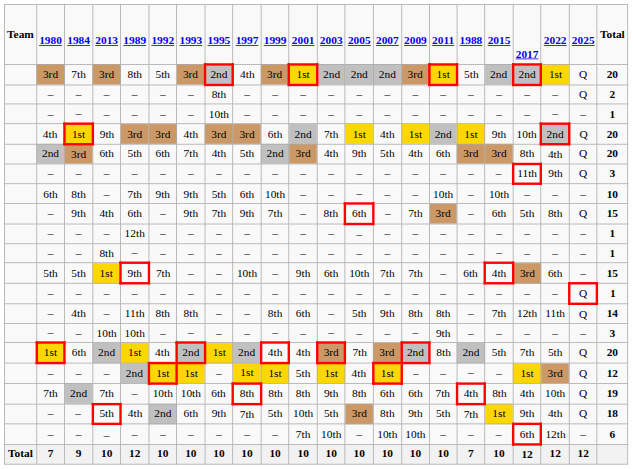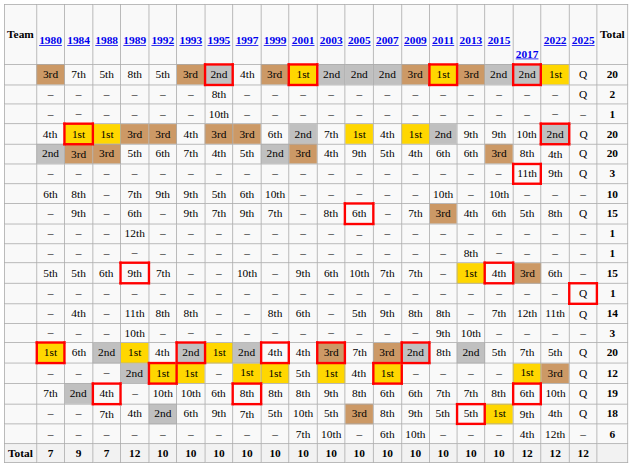 <table class="wikitable" style="text-align:center; font-size:90%">
 <tr>
 <td><strong>Team</strong></td>
 <td><strong><br><a href='#'>1980</a></strong></td>
 <td><strong><br><a href='#'>1984</a></strong></td>
-<td><strong><br><a href='#'>2013</a></strong></td>
+<td><strong><br><a href='#'>1988</a></strong></td>
 <td><strong><br><a href='#'>1989</a></strong></td>
 <td><strong><br><a href='#'>1992</a></strong></td>
 <td><strong><br><a href='#'>1993</a></strong></td>
 <td><strong><br><a href='#'>1995</a></strong></td>
 <td><strong><br><a href='#'>1997</a></strong></td>
 <td><strong><br><a href='#'>1999</a></strong></td>
 <td><strong><br><a href='#'>2001</a></strong></td>
 <td><strong><br><a href='#'>2003</a></strong></td>
 <td><strong><br><a href='#'>2005</a></strong></td>
 <td><strong><br><a href='#'>2007</a></strong></td>
 <td><strong><br><a href='#'>2009</a></strong></td>
 <td><strong><br><a href='#'>2011</a></strong></td>
-<td><strong><br><a href='#'>1988</a></strong></td>
+<td><strong><br><a href='#'>2013</a></strong></td>
 <td><strong><br><a href='#'>2015</a></strong></td>
 <td><strong><br><br><br><a href='#'>2017</a></strong></td>
 <td><strong><br><a href='#'>2022</a></strong></td>
 <td><strong><br><a href='#'>2025</a></strong></td>
 <td><strong>Total</strong></td>
 </tr>
 <tr>
 <td align=left></td>
 <td bgcolor=#cc9966>3rd</td>
 <td>7th</td>
-<td bgcolor=#cc9966>3rd</td>
+<td>5th</td>
 <td>8th</td>
 <td>5th</td>
 <td bgcolor=#cc9966>3rd</td>
 <td style="border: 3px solid red" bgcolor=silver>2nd</td>
 <td>4th</td>
 <td bgcolor=#cc9966>3rd</td>
 <td style="border: 3px solid red" bgcolor=gold>1st</td>
 <td bgcolor=silver>2nd</td>
 <td bgcolor=silver>2nd</td>
 <td bgcolor=silver>2nd</td>
 <td bgcolor=#cc9966>3rd</td>
 <td style="border: 3px solid red" bgcolor=gold>1st</td>
-<td>5th</td>
+<td bgcolor=#cc9966>3rd</td>
 <td bgcolor=silver>2nd</td>
 <td style="border: 3px solid red" bgcolor=silver>2nd</td>
 <td bgcolor=gold>1st</td>
 <td>Q</td>
 <td><strong>20</strong></td>
 </tr>
 <tr>
 <td align=left></td>
 <td>–</td>
 <td>–</td>
 <td>–</td>
 <td>–</td>
 <td>–</td>
 <td>–</td>
 <td>8th</td>
 <td>–</td>
 <td>–</td>
 <td>–</td>
 <td>–</td>
 <td>–</td>
 <td>–</td>
 <td>–</td>
 <td>–</td>
 <td>–</td>
 <td>–</td>
 <td>–</td>
 <td>–</td>
 <td>Q</td>
 <td><strong>2</strong></td>
 </tr>
 <tr>
 <td align=left></td>
 <td>–</td>
 <td>–</td>
 <td>–</td>
 <td>–</td>
 <td>–</td>
 <td>–</td>
 <td>10th</td>
 <td>–</td>
 <td>–</td>
 <td>–</td>
 <td>–</td>
 <td>–</td>
 <td>–</td>
 <td>–</td>
 <td>–</td>
 <td>–</td>
 <td>–</td>
 <td>–</td>
 <td>–</td>
 <td>–</td>
 <td><strong>1</strong></td>
 </tr>
 <tr>
 <td align=left></td>
 <td>4th</td>
 <td style="border: 3px solid red" bgcolor=gold>1st</td>
-<td>9th</td>
+<td bgcolor=Gold>1st</td>
 <td bgcolor=#cc9966>3rd</td>
 <td bgcolor=#cc9966>3rd</td>
 <td>4th</td>
 <td bgcolor=#cc9966>3rd</td>
 <td bgcolor=#cc9966>3rd</td>
 <td>6th</td>
 <td bgcolor=silver>2nd</td>
 <td>7th</td>
 <td bgcolor=gold>1st</td>
 <td>4th</td>
 <td bgcolor=gold>1st</td>
 <td bgcolor=silver>2nd</td>
-<td bgcolor=Gold>1st</td>
+<td>9th</td>
 <td>9th</td>
 <td>10th</td>
 <td style="border: 3px solid red" bgcolor=silver>2nd</td>
 <td>Q</td>
 <td><strong>20</strong></td>
 </tr>
 <tr>
 <td align=left></td>
 <td bgcolor=silver>2nd</td>
 <td bgcolor=#cc9966>3rd</td>
-<td>6th</td>
+<td bgcolor=#cc9966>3rd</td>
 <td>5th</td>
 <td>6th</td>
 <td>7th</td>
 <td>4th</td>
 <td>5th</td>
 <td bgcolor=silver>2nd</td>
 <td bgcolor=#cc9966>3rd</td>
 <td>4th</td>
 <td>9th</td>
 <td>5th</td>
 <td>4th</td>
 <td>6th</td>
-<td bgcolor=#cc9966>3rd</td>
+<td>6th</td>
 <td bgcolor=#cc9966>3rd</td>
 <td>8th</td>
 <td>4th</td>
 <td>Q</td>
 <td><strong>20</strong></td>
 </tr>
 <tr>
 <td align=left></td>
 <td>–</td>
 <td>–</td>
 <td>–</td>
 <td>–</td>
 <td>–</td>
 <td>–</td>
 <td>–</td>
 <td>–</td>
 <td>–</td>
 <td>–</td>
 <td>–</td>
 <td>–</td>
 <td>–</td>
 <td>–</td>
 <td>–</td>
 <td>–</td>
 <td>–</td>
 <td style="border: 3px solid red">11th</td>
 <td>9th</td>
 <td>Q</td>
 <td><strong>3</strong></td>
 </tr>
 <tr>
 <td align=left></td>
 <td>6th</td>
 <td>8th</td>
 <td>–</td>
 <td>7th</td>
 <td>9th</td>
 <td>9th</td>
 <td>5th</td>
 <td>6th</td>
 <td>10th</td>
 <td>–</td>
 <td>–</td>
 <td>–</td>
 <td>–</td>
 <td>–</td>
 <td>10th</td>
 <td>–</td>
 <td>10th</td>
 <td>–</td>
 <td>–</td>
 <td>–</td>
 <td><strong>10</strong></td>
 </tr>
 <tr>
 <td align=left></td>
 <td>–</td>
 <td>9th</td>
-<td>4th</td>
+<td>–</td>
 <td>6th</td>
 <td>–</td>
 <td>9th</td>
 <td>7th</td>
 <td>9th</td>
 <td>7th</td>
 <td>–</td>
 <td>8th</td>
 <td style="border: 3px solid red">6th</td>
 <td>–</td>
 <td>7th</td>
 <td bgcolor=#cc9966>3rd</td>
-<td>–</td>
+<td>4th</td>
 <td>6th</td>
 <td>5th</td>
 <td>8th</td>
 <td>Q</td>
 <td><strong>15</strong></td>
 </tr>
 <tr>
 <td align=left></td>
 <td>–</td>
 <td>–</td>
 <td>–</td>
 <td>12th</td>
 <td>–</td>
 <td>–</td>
 <td>–</td>
 <td>–</td>
 <td>–</td>
 <td>–</td>
 <td>–</td>
 <td>–</td>
 <td>–</td>
 <td>–</td>
 <td>–</td>
 <td>–</td>
 <td>–</td>
 <td>–</td>
 <td>–</td>
 <td>–</td>
 <td><strong>1</strong></td>
 </tr>
 <tr>
 <td align=left></td>
 <td>–</td>
 <td>–</td>
-<td>8th</td>
 <td>–</td>
 <td>–</td>
 <td>–</td>
 <td>–</td>
 <td>–</td>
 <td>–</td>
 <td>–</td>
 <td>–</td>
 <td>–</td>
 <td>–</td>
 <td>–</td>
 <td>–</td>
 <td>–</td>
+<td>8th</td>
 <td>–</td>
 <td>–</td>
 <td>–</td>
 <td>–</td>
 <td><strong>1</strong></td>
 </tr>
 <tr>
 <td align=left></td>
 <td>5th</td>
 <td>5th</td>
-<td bgcolor=gold>1st</td>
+<td>6th</td>
 <td style="border: 3px solid red">9th</td>
 <td>7th</td>
 <td>–</td>
 <td>–</td>
 <td>10th</td>
 <td>–</td>
 <td>9th</td>
 <td>6th</td>
 <td>10th</td>
 <td>7th</td>
 <td>7th</td>
 <td>–</td>
-<td>6th</td>
+<td bgcolor=gold>1st</td>
 <td style="border: 3px solid red">4th</td>
 <td bgcolor=#cc9966>3rd</td>
 <td>6th</td>
 <td>–</td>
 <td><strong>15</strong></td>
 </tr>
 <tr>
 <td align=left></td>
 <td>–</td>
 <td>–</td>
 <td>–</td>
 <td>–</td>
 <td>–</td>
 <td>–</td>
 <td>–</td>
 <td>–</td>
 <td>–</td>
 <td>–</td>
 <td>–</td>
 <td>–</td>
 <td>–</td>
 <td>–</td>
 <td>–</td>
 <td>–</td>
 <td>–</td>
 <td>–</td>
 <td>–</td>
 <td style="border: 3px solid red">Q</td>
 <td><strong>1</strong></td>
 </tr>
 <tr>
 <td align=left></td>
 <td>–</td>
 <td>4th</td>
 <td>–</td>
 <td>11th</td>
 <td>8th</td>
 <td>8th</td>
 <td>–</td>
 <td>–</td>
 <td>8th</td>
 <td>6th</td>
 <td>–</td>
 <td>5th</td>
 <td>9th</td>
 <td>8th</td>
 <td>8th</td>
 <td>–</td>
 <td>7th</td>
 <td>12th</td>
 <td>11th</td>
 <td>Q</td>
 <td><strong>14</strong></td>
 </tr>
 <tr>
 <td align=left></td>
 <td>–</td>
 <td>–</td>
-<td>10th</td>
+<td>–</td>
 <td>10th</td>
 <td>–</td>
 <td>–</td>
 <td>–</td>
 <td>–</td>
 <td>–</td>
 <td>–</td>
 <td>–</td>
 <td>–</td>
 <td>–</td>
 <td>–</td>
 <td>9th</td>
-<td>–</td>
+<td>10th</td>
 <td>–</td>
 <td>–</td>
 <td>–</td>
 <td>–</td>
 <td><strong>3</strong></td>
 </tr>
 <tr>
 <td align=left></td>
 <td style="border: 3px solid red" bgcolor=gold>1st</td>
 <td>6th</td>
-<td bgcolor=silver>2nd</td>
+<td bgcolor=Silver>2nd</td>
 <td bgcolor=gold>1st</td>
 <td>4th</td>
 <td style="border: 3px solid red" bgcolor=silver>2nd</td>
 <td bgcolor=gold>1st</td>
 <td bgcolor=silver>2nd</td>
 <td style="border: 3px solid red">4th</td>
 <td>4th</td>
 <td style="border: 3px solid red" bgcolor=#cc9966>3rd</td>
 <td>7th</td>
 <td bgcolor=#cc9966>3rd</td>
 <td style="border: 3px solid red" bgcolor=silver>2nd</td>
 <td>8th</td>
-<td bgcolor=Silver>2nd</td>
+<td bgcolor=silver>2nd</td>
 <td>5th</td>
 <td>7th</td>
 <td>5th</td>
 <td>Q</td>
 <td><strong>20</strong></td>
 </tr>
 <tr>
 <td align=left></td>
 <td>–</td>
 <td>–</td>
 <td>–</td>
 <td bgcolor=silver>2nd</td>
 <td style="border: 3px solid red" bgcolor=gold>1st</td>
 <td bgcolor=gold>1st</td>
 <td>–</td>
 <td bgcolor=gold>1st</td>
 <td bgcolor=gold>1st</td>
 <td>5th</td>
 <td bgcolor=gold>1st</td>
 <td>4th</td>
 <td style="border: 3px solid red" bgcolor=gold>1st</td>
 <td>–</td>
 <td>–</td>
 <td>–</td>
 <td>–</td>
 <td bgcolor=gold>1st</td>
 <td bgcolor=#cc9966>3rd</td>
 <td>Q</td>
 <td><strong>12</strong></td>
 </tr>
 <tr>
 <td align=left></td>
 <td>7th</td>
 <td bgcolor=silver>2nd</td>
-<td>7th</td>
+<td style="border: 3px solid red">4th</td>
 <td>–</td>
 <td>10th</td>
 <td>10th</td>
 <td>6th</td>
 <td style="border: 3px solid red">8th</td>
 <td>8th</td>
 <td>8th</td>
 <td>9th</td>
 <td>8th</td>
 <td>6th</td>
 <td>6th</td>
 <td>7th</td>
-<td style="border: 3px solid red">4th</td>
+<td>7th</td>
 <td>8th</td>
-<td>4th</td>
+<td style="border: 3px solid red">6th</td>
 <td>10th</td>
 <td>Q</td>
 <td><strong>19</strong></td>
 </tr>
 <tr>
 <td align=left></td>
 <td>–</td>
 <td>–</td>
-<td style="border: 3px solid red">5th</td>
+<td>7th</td>
 <td>4th</td>
 <td bgcolor=silver>2nd</td>
 <td>6th</td>
 <td>9th</td>
 <td>7th</td>
 <td>5th</td>
 <td>10th</td>
 <td>5th</td>
 <td bgcolor=#cc9966>3rd</td>
 <td>8th</td>
 <td>9th</td>
 <td>5th</td>
-<td>7th</td>
+<td style="border: 3px solid red">5th</td>
 <td bgcolor=gold>1st</td>
 <td>9th</td>
 <td>4th</td>
 <td>Q</td>
 <td><strong>18</strong></td>
 </tr>
 <tr>
 <td align=left></td>
 <td>–</td>
 <td>–</td>
 <td>–</td>
 <td>–</td>
 <td>–</td>
 <td>–</td>
 <td>–</td>
 <td>–</td>
 <td>–</td>
 <td>7th</td>
 <td>10th</td>
 <td>–</td>
-<td>10th</td>
+<td>6th</td>
 <td>10th</td>
 <td>–</td>
 <td>–</td>
 <td>–</td>
-<td style="border: 3px solid red">6th</td>
+<td>4th</td>
 <td>12th</td>
 <td>–</td>
 <td><strong>6</strong></td>
 </tr>
 <tr>
 <th>Total</th>
 <th>7</th>
 <th>9</th>
-<th>10</th>
+<th>7</th>
 <th>12</th>
 <th>10</th>
 <th>10</th>
 <th>10</th>
 <th>10</th>
 <th>10</th>
 <th>10</th>
 <th>10</th>
 <th>10</th>
 <th>10</th>
 <th>10</th>
 <th>10</th>
-<th>7</th>
+<th>10</th>
 <th>10</th>
 <th>12</th>
 <th>12</th>
 <th>12</th>
 <th></th>
 </tr>
 </table>
